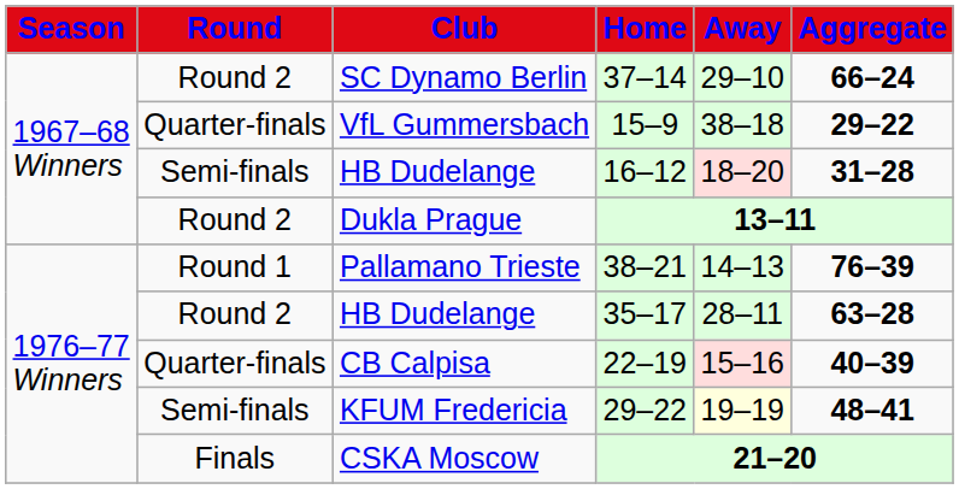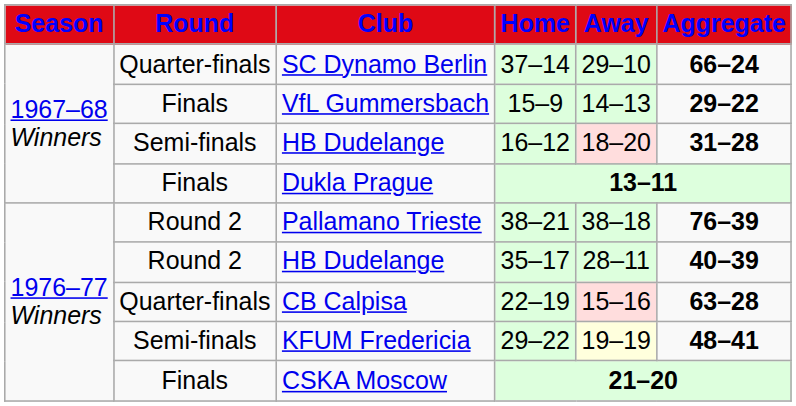 <table class="wikitable">
 <tr>
 <th style="color:blue; background:#DF0915">Season</th>
 <th style="color:blue; background:#DF0915">Round</th>
 <th style="color:blue; background:#DF0915">Club</th>
 <th style="color:blue; background:#DF0915">Home</th>
 <th style="color:blue; background:#DF0915">Away</th>
 <th style="color:blue; background:#DF0915">Aggregate</th>
 </tr>
 <tr>
 <td rowspan=4><a href='#'>1967–68</a><br> <em>Winners</em></td>
-<td align=center>Round 2</td>
+<td align=center>Quarter-finals</td>
 <td> <a href='#'>SC Dynamo Berlin</a></td>
 <td style="text-align:center; background:#dfd;">37–14</td>
 <td style="text-align:center; background:#dfd;">29–10</td>
 <td style="text-align:center;"><strong>66–24</strong></td>
 </tr>
 <tr>
-<td align=center>Quarter-finals</td>
+<td align=center>Finals</td>
 <td> <a href='#'>VfL Gummersbach</a></td>
 <td style="text-align:center; background:#dfd;">15–9</td>
-<td style="text-align:center; background:#dfd;">38–18</td>
+<td style="text-align:center; background:#dfd;">14–13</td>
 <td style="text-align:center;"><strong>29–22</strong></td>
 </tr>
 <tr>
 <td align=center>Semi-finals</td>
 <td> <a href='#'>HB Dudelange</a></td>
 <td style="text-align:center; background:#dfd;">16–12</td>
 <td style="text-align:center; background:#fdd;">18–20</td>
 <td style="text-align:center;"><strong>31–28</strong></td>
 </tr>
 <tr>
-<td align=center>Round 2</td>
+<td align=center>Finals</td>
 <td> <a href='#'>Dukla Prague</a></td>
 <td colspan=3; style="text-align:center; background:#dfd;"><strong>13–11</strong></td>
 </tr>
 <tr>
 <td rowspan=5><a href='#'>1976–77</a><br> <em>Winners</em></td>
-<td align=center>Round 1</td>
+<td align=center>Round 2</td>
 <td> <a href='#'>Pallamano Trieste</a></td>
 <td style="text-align:center; background:#dfd;">38–21</td>
-<td style="text-align:center; background:#dfd;">14–13</td>
+<td style="text-align:center; background:#dfd;">38–18</td>
 <td style="text-align:center;"><strong>76–39</strong></td>
 </tr>
 <tr>
 <td align=center>Round 2</td>
 <td> <a href='#'>HB Dudelange</a></td>
 <td style="text-align:center; background:#dfd;">35–17</td>
 <td style="text-align:center; background:#dfd;">28–11</td>
-<td style="text-align:center;"><strong>63–28</strong></td>
+<td style="text-align:center;"><strong>40–39</strong></td>
 </tr>
 <tr>
 <td align=center>Quarter-finals</td>
 <td> <a href='#'>CB Calpisa</a></td>
 <td style="text-align:center; background:#dfd;">22–19</td>
 <td style="text-align:center; background:#fdd;">15–16</td>
-<td style="text-align:center;"><strong>40–39</strong></td>
+<td style="text-align:center;"><strong>63–28</strong></td>
 </tr>
 <tr>
 <td align=center>Semi-finals</td>
 <td> <a href='#'>KFUM Fredericia</a></td>
 <td style="text-align:center; background:#dfd;">29–22</td>
 <td style="text-align:center; background:#ffd;">19–19</td>
 <td style="text-align:center;"><strong>48–41</strong></td>
 </tr>
 <tr>
 <td align=center>Finals</td>
 <td> <a href='#'>CSKA Moscow</a></td>
 <td colspan=3; style="text-align:center; background:#dfd;"><strong>21–20</strong></td>
 </tr>
 </table>
